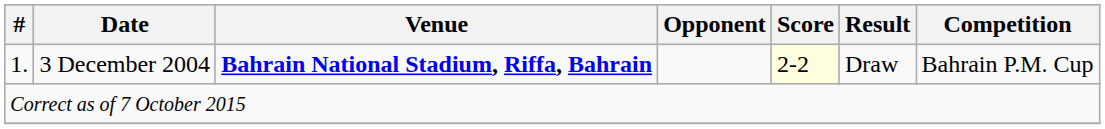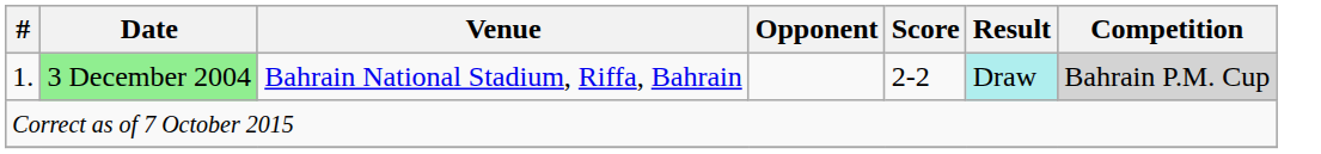 <table class="wikitable" style="font-size:95%;">
 <tr>
 <th>#</th>
 <th>Date</th>
 <th>Venue</th>
 <th>Opponent</th>
 <th>Score</th>
 <th>Result</th>
 <th>Competition</th>
 </tr>
 <tr>
 <td>1.</td>
-<td>3 December 2004</td>
-<td><strong><a href='#'>Bahrain National Stadium</a>, <a href='#'>Riffa</a>, <a href='#'>Bahrain</a></strong></td>
+<td style="background: lightgreen;">3 December 2004</td>
+<td><a href='#'>Bahrain National Stadium</a>, <a href='#'>Riffa</a>, <a href='#'>Bahrain</a></td>
 <td></td>
-<td style="background: lightyellow;">2-2</td>
-<td>Draw</td>
-<td>Bahrain P.M. Cup</td>
+<td>2-2</td>
+<td style="background: paleturquoise;">Draw</td>
+<td style="background: lightgrey;">Bahrain P.M. Cup</td>
 </tr>
 <tr>
 <td colspan="12"><small><em>Correct as of 7 October 2015</em></small></td>
 </tr>
 <tr>
 </tr>
 </table>
